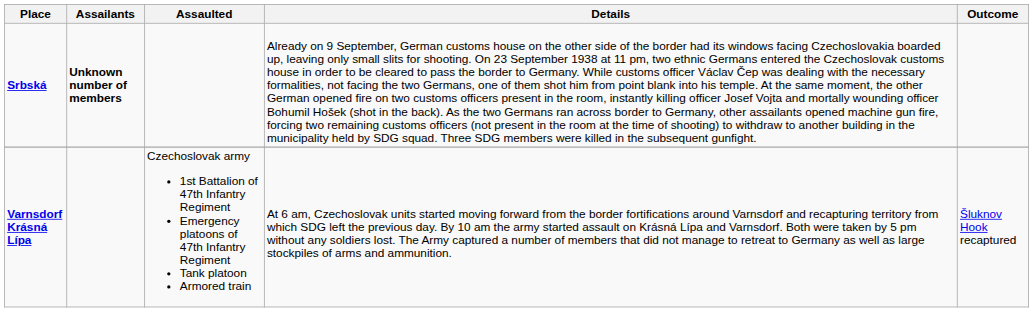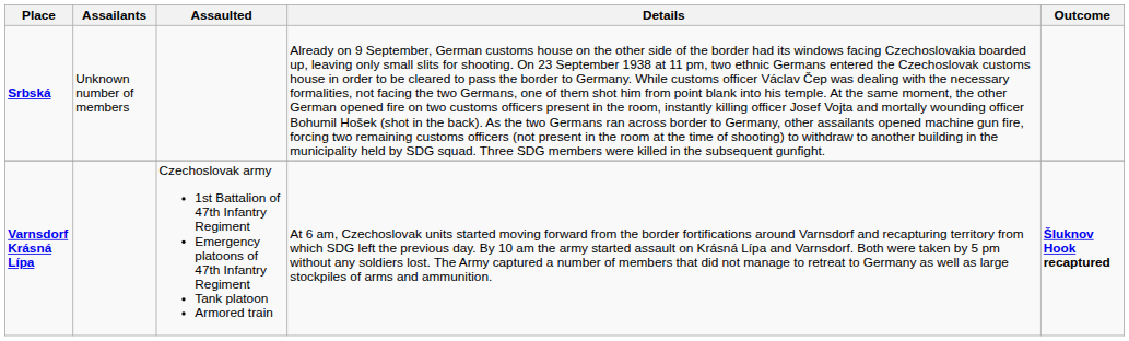 <table class="wikitable sortable" style="font-size:90%;">
 <tr>
 <th>Place</th>
 <th>Assailants</th>
 <th>Assaulted</th>
 <th>Details</th>
 <th>Outcome</th>
 </tr>
 <tr>
 <td><strong><a href='#'>Srbská</a></strong></td>
-<td><strong>Unknown number of  members</strong></td>
+<td>Unknown number of  members</td>
 <td></td>
 <td><br>Already on 9 September, German customs house on the other side of the border had its windows facing Czechoslovakia boarded up, leaving only small slits for shooting. On 23 September 1938 at 11 pm, two ethnic Germans entered the Czechoslovak customs house in order to be cleared to pass the border to Germany. While customs officer Václav Čep was dealing with the necessary formalities, not facing the two Germans, one of them shot him from point blank into his temple. At the same moment, the other German opened fire on two customs officers present in the room, instantly killing officer Josef Vojta and mortally wounding officer Bohumil Hošek (shot in the back). As the two Germans ran across border to Germany, other assailants opened machine gun fire, forcing two remaining customs officers (not present in the room at the time of shooting) to withdraw to another building in the municipality held by SDG squad. Three SDG members were killed in the subsequent gunfight.</td>
 <td></td>
 </tr>
 <tr>
 </tr>
 <tr>
 <td><strong><a href='#'>Varnsdorf</a></strong><br><strong><a href='#'>Krásná Lípa</a></strong></td>
 <td></td>
 <td>Czechoslovak army<br><ul><li>1st Battalion of 47th Infantry Regiment</li><li>Emergency platoons of 47th Infantry Regiment</li><li>Tank platoon</li><li>Armored train</li></ul></td>
 <td><br>At 6 am, Czechoslovak units started moving forward from the border fortifications around Varnsdorf and recapturing territory from which SDG left the previous day. By 10 am the army started assault on Krásná Lípa and Varnsdorf. Both were taken by 5 pm without any soldiers lost. The Army captured a number of  members that did not manage to retreat to Germany as well as large stockpiles of arms and ammunition.</td>
-<td><a href='#'>Šluknov Hook</a> recaptured</td>
+<td><strong><a href='#'>Šluknov Hook</a> recaptured</strong></td>
 </tr>
 </table>
